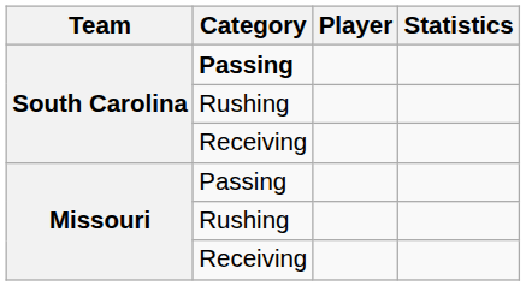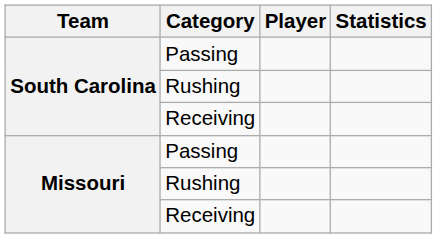 <table class="wikitable" style="float:right">
 <tr>
 <th>Team</th>
 <th>Category</th>
 <th>Player</th>
 <th>Statistics</th>
 </tr>
 <tr>
 <th rowspan=3>South Carolina</th>
-<td><strong>Passing</strong></td>
+<td>Passing</td>
 <td></td>
 <td></td>
 </tr>
 <tr>
 <td>Rushing</td>
 <td></td>
 <td></td>
 </tr>
 <tr>
 <td>Receiving</td>
 <td></td>
 <td></td>
 </tr>
 <tr>
 <th rowspan=3>Missouri</th>
 <td>Passing</td>
 <td></td>
 <td></td>
 </tr>
 <tr>
 <td>Rushing</td>
 <td></td>
 <td></td>
 </tr>
 <tr>
 <td>Receiving</td>
 <td></td>
 <td></td>
 </tr>
 </table>
